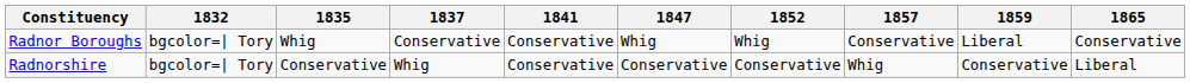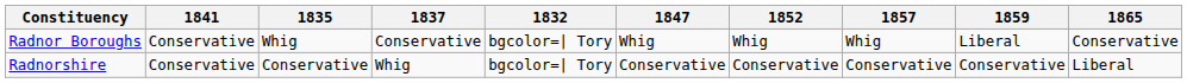 <table class=wikitable sortable>
 <tr>
 <th>Constituency</th>
-<th>1832</th>
+<th>1841</th>
 <th>1835</th>
 <th>1837</th>
-<th>1841</th>
+<th>1832</th>
 <th>1847</th>
 <th>1852</th>
 <th>1857</th>
 <th>1859</th>
 <th>1865</th>
 </tr>
 <tr>
 <td><a href='#'>Radnor Boroughs</a></td>
+<td bgcolor=>Conservative</td>
+<td bgcolor=>Whig</td>
+<td bgcolor=>Conservative</td>
 <td bgcolor=>bgcolor=| Tory</td>
 <td bgcolor=>Whig</td>
-<td bgcolor=>Conservative</td>
-<td bgcolor=>Conservative</td>
 <td bgcolor=>Whig</td>
 <td bgcolor=>Whig</td>
-<td bgcolor=>Conservative</td>
 <td bgcolor=>Liberal</td>
 <td bgcolor=>Conservative</td>
 </tr>
 <tr>
 <td><a href='#'>Radnorshire</a></td>
-<td bgcolor=>bgcolor=| Tory</td>
+<td bgcolor=>Conservative</td>
 <td bgcolor=>Conservative</td>
 <td bgcolor=>Whig</td>
+<td bgcolor=>bgcolor=| Tory</td>
 <td bgcolor=>Conservative</td>
 <td bgcolor=>Conservative</td>
 <td bgcolor=>Conservative</td>
-<td bgcolor=>Whig</td>
 <td bgcolor=>Conservative</td>
 <td bgcolor=>Liberal</td>
 </tr>
 </table>
